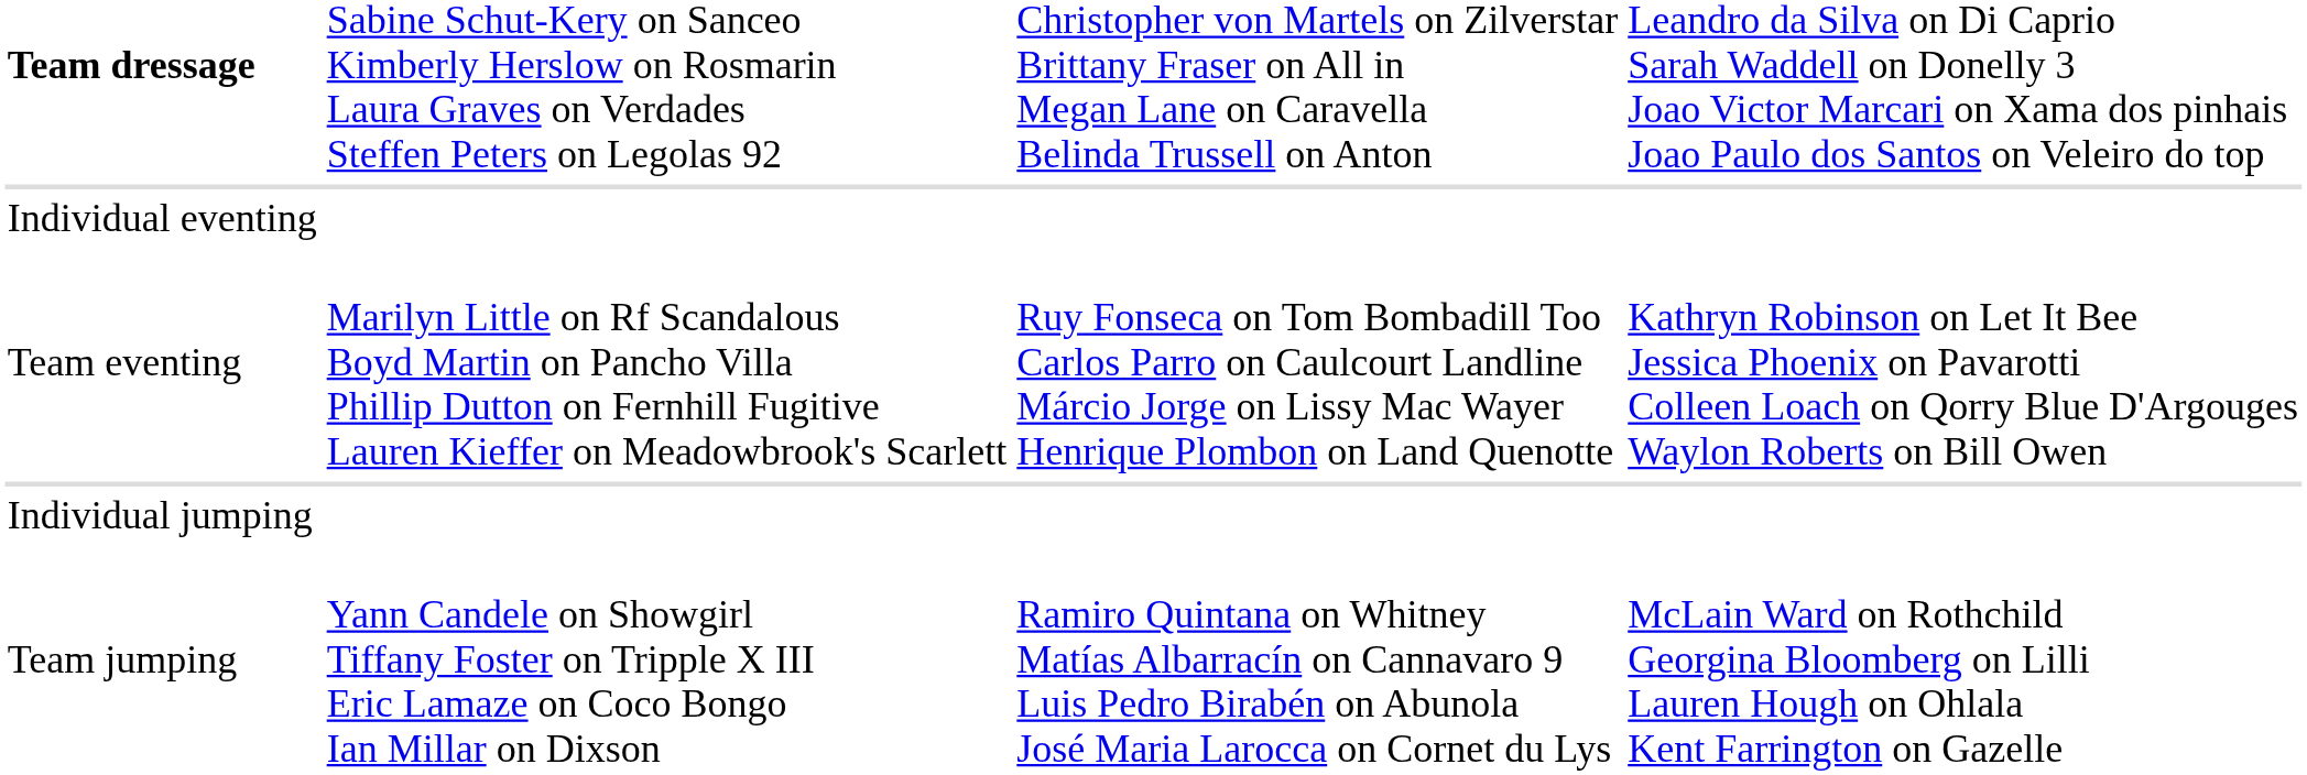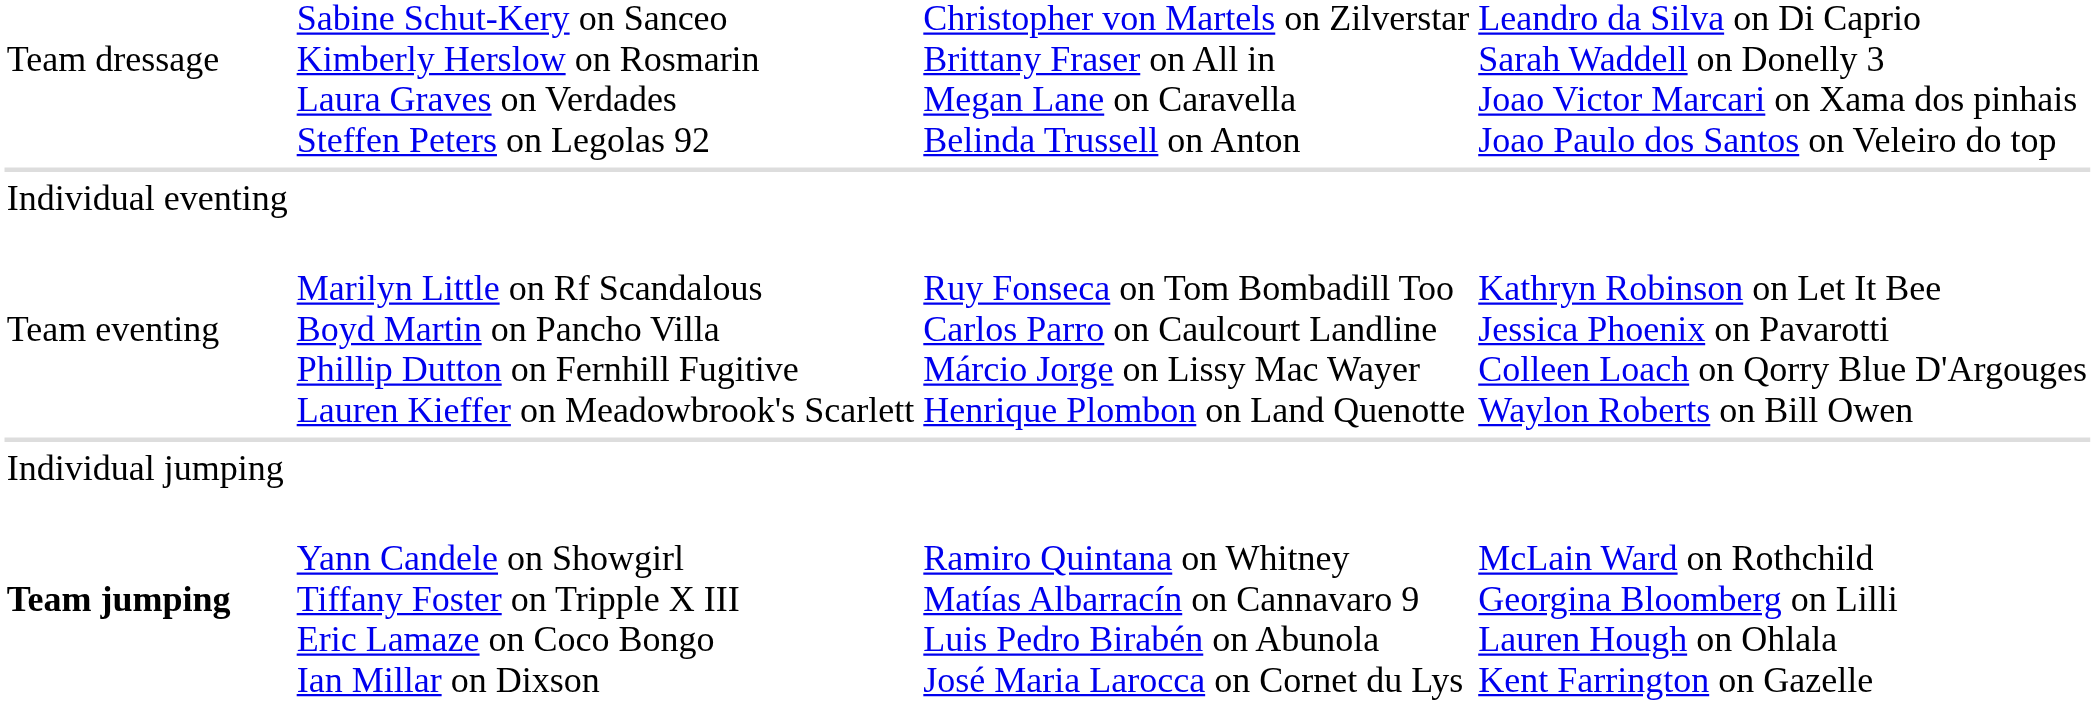 <table>
 <tr>
 <td><br></td>
 <td></td>
 <td></td>
 <td></td>
 </tr>
 <tr>
-<td><strong>Team dressage<br></strong></td>
+<td>Team dressage<br></td>
 <td><br><a href='#'>Sabine Schut-Kery</a> on Sanceo <br><a href='#'>Kimberly Herslow</a> on Rosmarin<br><a href='#'>Laura Graves</a> on Verdades<br><a href='#'>Steffen Peters</a> on Legolas 92</td>
 <td><br><a href='#'>Christopher von Martels</a> on Zilverstar<br><a href='#'>Brittany Fraser</a> on All in<br><a href='#'>Megan Lane</a> on Caravella<br><a href='#'>Belinda Trussell</a> on Anton</td>
 <td><br><a href='#'>Leandro da Silva</a> on Di Caprio<br><a href='#'>Sarah Waddell</a> on Donelly 3<br><a href='#'>Joao Victor Marcari</a> on Xama dos pinhais<br><a href='#'>Joao Paulo dos Santos</a> on Veleiro do top</td>
 </tr>
 <tr bgcolor=#DDDDDD>
 <td colspan=7></td>
 </tr>
 <tr>
 <td>Individual eventing<br></td>
 <td></td>
 <td></td>
 <td></td>
 </tr>
 <tr>
 <td>Team eventing<br></td>
 <td><br><a href='#'>Marilyn Little</a> on Rf Scandalous<br><a href='#'>Boyd Martin</a> on Pancho Villa<br><a href='#'>Phillip Dutton</a> on Fernhill Fugitive<br><a href='#'>Lauren Kieffer</a> on Meadowbrook's Scarlett</td>
 <td><br><a href='#'>Ruy Fonseca</a> on Tom Bombadill Too<br><a href='#'>Carlos Parro</a> on Caulcourt Landline<br><a href='#'>Márcio Jorge</a> on Lissy Mac Wayer<br><a href='#'>Henrique Plombon</a> on Land Quenotte</td>
 <td><br><a href='#'>Kathryn Robinson</a> on Let It Bee<br><a href='#'>Jessica Phoenix</a> on Pavarotti<br><a href='#'>Colleen Loach</a> on Qorry Blue D'Argouges<br><a href='#'>Waylon Roberts</a> on Bill Owen</td>
 </tr>
 <tr bgcolor=#DDDDDD>
 <td colspan=7></td>
 </tr>
 <tr>
 <td>Individual jumping<br></td>
 <td></td>
 <td></td>
 <td></td>
 </tr>
 <tr>
-<td>Team jumping<br></td>
+<td><strong>Team jumping<br></strong></td>
 <td><br><a href='#'>Yann Candele</a> on Showgirl <br><a href='#'>Tiffany Foster</a> on Tripple X III<br><a href='#'>Eric Lamaze</a> on Coco Bongo<br><a href='#'>Ian Millar</a> on Dixson</td>
 <td><br><a href='#'>Ramiro Quintana</a> on Whitney<br><a href='#'>Matías Albarracín</a> on Cannavaro 9<br><a href='#'>Luis Pedro Birabén</a> on Abunola<br><a href='#'>José Maria Larocca</a> on Cornet du Lys</td>
 <td><br><a href='#'>McLain Ward</a> on Rothchild<br><a href='#'>Georgina Bloomberg</a> on Lilli<br><a href='#'>Lauren Hough</a> on Ohlala<br><a href='#'>Kent Farrington</a> on Gazelle</td>
 </tr>
 </table>
